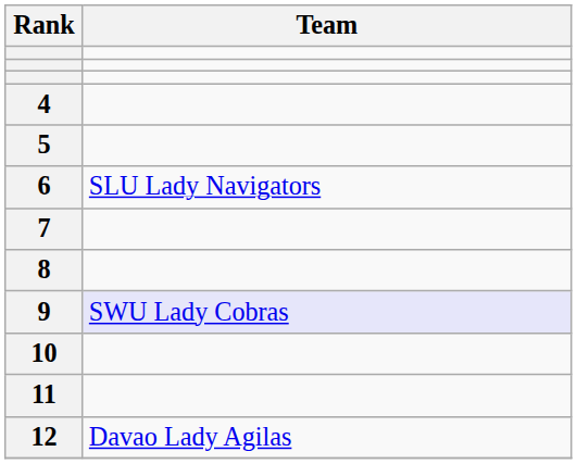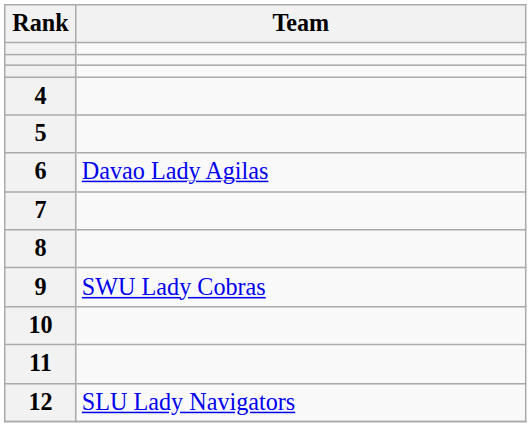 <table class="wikitable" style="text-align: center;">
 <tr>
 <th width=40>Rank</th>
 <th width=290>Team</th>
 </tr>
 <tr>
 <th></th>
 <td style="text-align:left;"></td>
 </tr>
 <tr>
 <th></th>
 <td style="text-align:left;"></td>
 </tr>
 <tr>
 <th></th>
 <td style="text-align:left;"></td>
 </tr>
 <tr>
 <th>4</th>
 <td style="text-align:left;"></td>
 </tr>
 <tr>
 <th>5</th>
 <td style="text-align:left;"></td>
 </tr>
 <tr>
 <th>6</th>
-<td style="text-align:left;"> <a href='#'>SLU Lady Navigators</a></td>
+<td style="text-align:left;"> <a href='#'>Davao Lady Agilas</a></td>
 </tr>
 <tr>
 <th>7</th>
 <td style="text-align:left;"></td>
 </tr>
 <tr>
 <th>8</th>
 <td style="text-align:left;"></td>
 </tr>
 <tr>
 <th>9</th>
-<td style="background: lavender; text-align:left;"> <a href='#'>SWU Lady Cobras</a></td>
+<td style="text-align:left;"> <a href='#'>SWU Lady Cobras</a></td>
 </tr>
 <tr>
 <th>10</th>
 <td style="text-align:left;"></td>
 </tr>
 <tr>
 <th>11</th>
 <td style="text-align:left;"></td>
 </tr>
 <tr>
 <th>12</th>
-<td style="text-align:left;"> <a href='#'>Davao Lady Agilas</a></td>
+<td style="text-align:left;"> <a href='#'>SLU Lady Navigators</a></td>
 </tr>
 <tr>
 </tr>
 </table>
